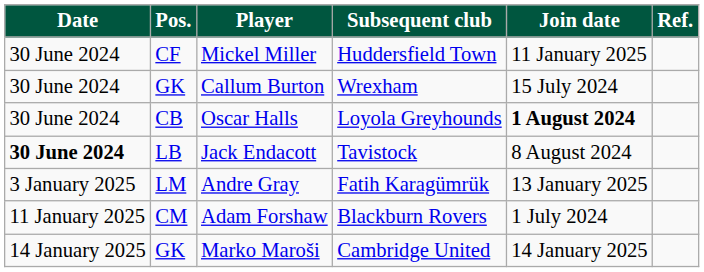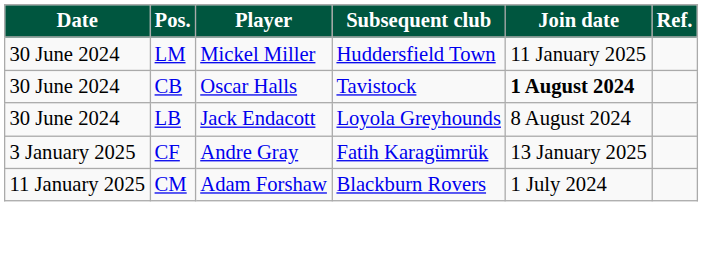 <table class="wikitable plainrowheaders sortable">
 <tr>
 <th style="background:#00563F;color:#FFFFFF;">Date</th>
 <th style="background:#00563F;color:#FFFFFF;">Pos.</th>
 <th style="background:#00563F;color:#FFFFFF;">Player</th>
 <th style="background:#00563F;color:#FFFFFF;">Subsequent club</th>
 <th style="background:#00563F;color:#FFFFFF;">Join date</th>
 <th style="background:#00563F;color:#FFFFFF;">Ref.</th>
 </tr>
 <tr>
 <td>30 June 2024</td>
-<td><a href='#'>CF</a></td>
+<td><a href='#'>LM</a></td>
 <td> <a href='#'>Mickel Miller</a></td>
 <td> <a href='#'>Huddersfield Town</a></td>
 <td>11 January 2025</td>
 <td></td>
 </tr>
 <tr>
 <td>30 June 2024</td>
-<td><a href='#'>GK</a></td>
-<td> <a href='#'>Callum Burton</a></td>
-<td> <a href='#'>Wrexham</a></td>
-<td>15 July 2024</td>
+<td><a href='#'>CB</a></td>
+<td> <a href='#'>Oscar Halls</a></td>
+<td> <a href='#'>Tavistock</a></td>
+<td><strong>1 August 2024</strong></td>
 <td></td>
 </tr>
 <tr>
 <td>30 June 2024</td>
-<td><a href='#'>CB</a></td>
-<td> <a href='#'>Oscar Halls</a></td>
-<td> <a href='#'>Loyola Greyhounds</a></td>
-<td><strong>1 August 2024</strong></td>
-<td></td>
-</tr>
-<tr>
-<td><strong>30 June 2024</strong></td>
 <td><a href='#'>LB</a></td>
 <td> <a href='#'>Jack Endacott</a></td>
-<td> <a href='#'>Tavistock</a></td>
+<td> <a href='#'>Loyola Greyhounds</a></td>
 <td>8 August 2024</td>
 <td></td>
 </tr>
 <tr>
 <td>3 January 2025</td>
-<td><a href='#'>LM</a></td>
+<td><a href='#'>CF</a></td>
 <td> <a href='#'>Andre Gray</a></td>
 <td> <a href='#'>Fatih Karagümrük</a></td>
 <td>13 January 2025</td>
 <td></td>
 </tr>
 <tr>
 <td>11 January 2025</td>
 <td><a href='#'>CM</a></td>
 <td> <a href='#'>Adam Forshaw</a></td>
 <td> <a href='#'>Blackburn Rovers</a></td>
 <td>1 July 2024</td>
 <td></td>
 </tr>
-<tr>
-<td>14 January 2025</td>
-<td><a href='#'>GK</a></td>
-<td> <a href='#'>Marko Maroši</a></td>
-<td> <a href='#'>Cambridge United</a></td>
-<td>14 January 2025</td>
-<td></td>
-</tr>
 </table>
